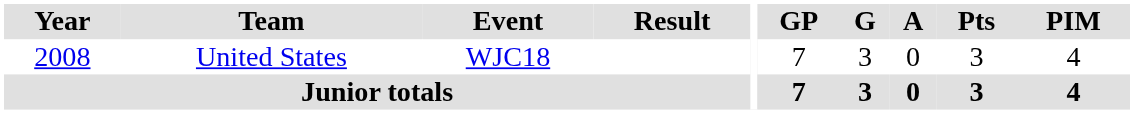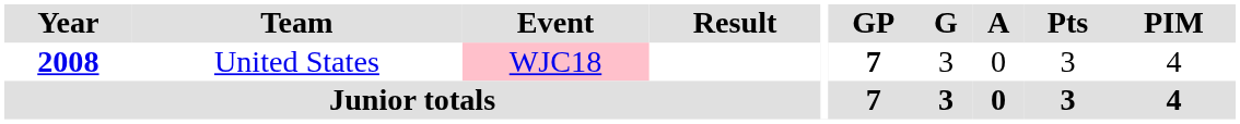 <table border="0" cellpadding="1" cellspacing="0" ID="Table3" style="text-align:center; width:40em">
 <tr ALIGN="center" bgcolor="#e0e0e0">
 <th>Year</th>
 <th>Team</th>
 <th>Event</th>
 <th>Result</th>
 <th rowspan="99" bgcolor="#ffffff"></th>
 <th>GP</th>
 <th>G</th>
 <th>A</th>
 <th>Pts</th>
 <th>PIM</th>
 </tr>
 <tr>
-<td><a href='#'>2008</a></td>
+<td><strong><a href='#'>2008</a></strong></td>
 <td><a href='#'>United States</a></td>
-<td><a href='#'>WJC18</a></td>
+<td style="background: pink;"><a href='#'>WJC18</a></td>
 <td></td>
-<td>7</td>
+<td><strong>7</strong></td>
 <td>3</td>
 <td>0</td>
 <td>3</td>
 <td>4</td>
 </tr>
 <tr ALIGN="center" bgcolor="#e0e0e0">
 <th colspan=4>Junior totals</th>
 <th>7</th>
 <th>3</th>
 <th>0</th>
 <th>3</th>
 <th>4</th>
 </tr>
 </table>
